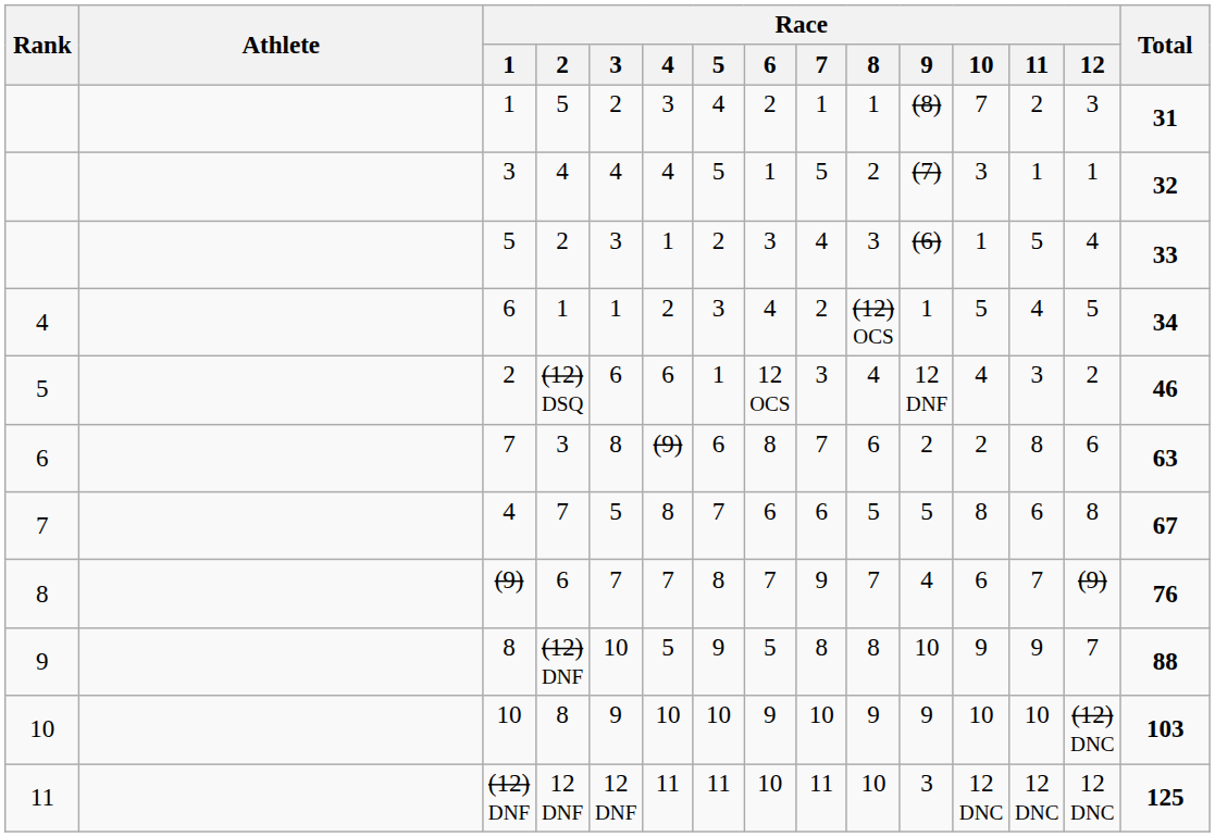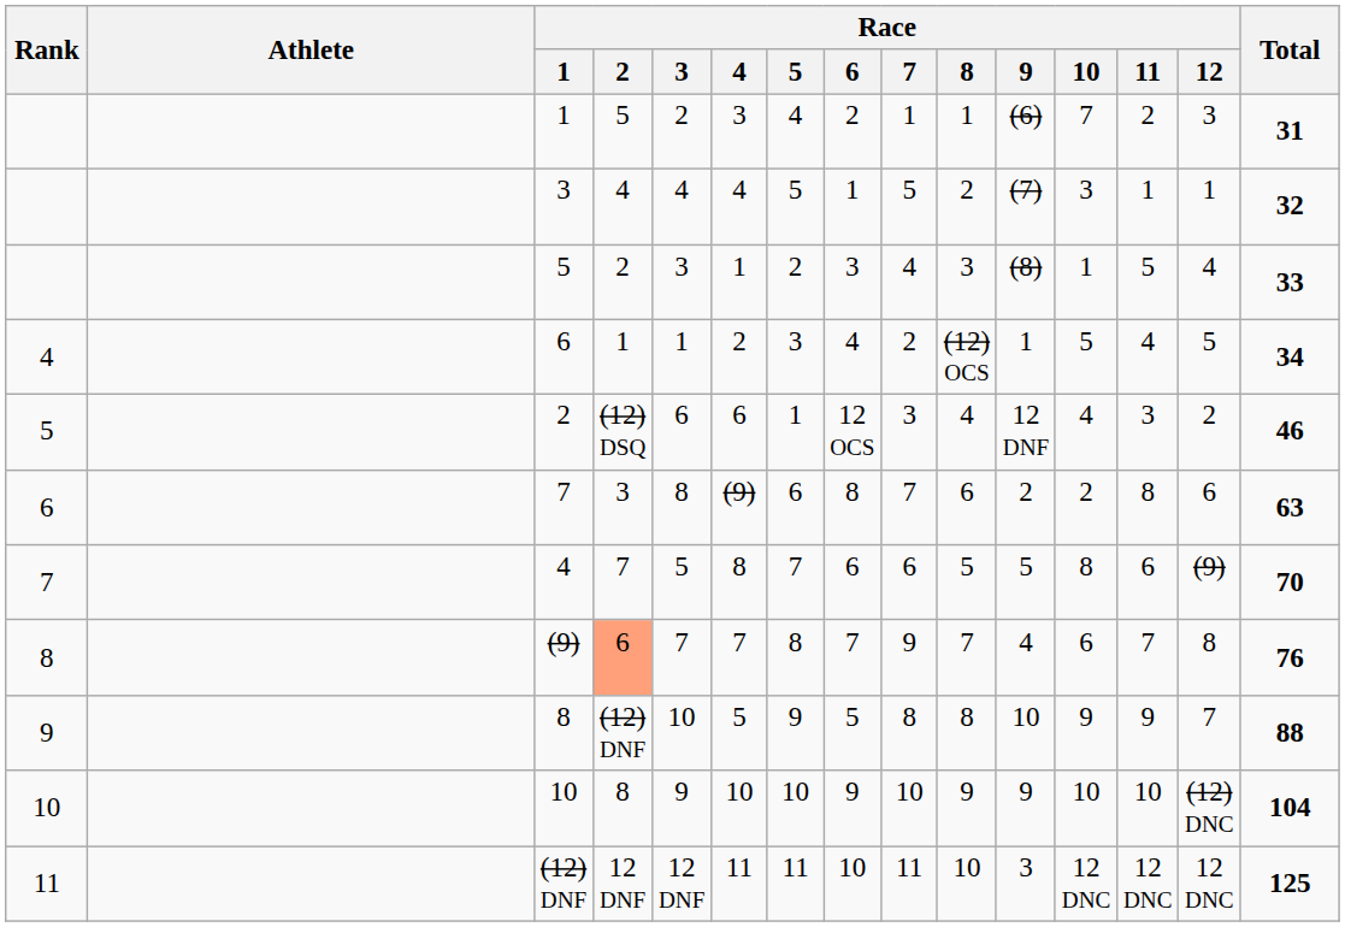 <table | class="wikitable" style="text-align:center">
 <tr>
 <th rowspan="2" width=40>Rank</th>
 <th rowspan="2" width=250>Athlete</th>
 <th colspan="12">Race</th>
 <th rowspan="2" width=50>Total</th>
 </tr>
 <tr>
 <th width=25>1</th>
 <th width=25>2</th>
 <th width=25>3</th>
 <th width=25>4</th>
 <th width=25>5</th>
 <th width=25>6</th>
 <th width=25>7</th>
 <th width=25>8</th>
 <th width=25>9</th>
 <th width=25>10</th>
 <th width=25>11</th>
 <th width=25>12</th>
 </tr>
 <tr>
 <td></td>
 <td align=left></td>
 <td>1<br> </td>
 <td>5<br> </td>
 <td>2<br> </td>
 <td>3<br> </td>
 <td>4<br> </td>
 <td>2<br> </td>
 <td>1<br> </td>
 <td>1<br> </td>
-<td><s>(8)</s><br> </td>
+<td><s>(6)</s><br> </td>
 <td>7<br> </td>
 <td>2<br> </td>
 <td>3<br> </td>
 <td><strong>31</strong></td>
 </tr>
 <tr>
 <td></td>
 <td align=left></td>
 <td>3<br> </td>
 <td>4<br> </td>
 <td>4<br> </td>
 <td>4<br> </td>
 <td>5<br> </td>
 <td>1<br> </td>
 <td>5<br> </td>
 <td>2<br> </td>
 <td><s>(7)</s><br> </td>
 <td>3<br> </td>
 <td>1<br> </td>
 <td>1<br> </td>
 <td><strong>32</strong></td>
 </tr>
 <tr>
 <td></td>
 <td align=left></td>
 <td>5<br> </td>
 <td>2<br> </td>
 <td>3<br> </td>
 <td>1<br> </td>
 <td>2<br> </td>
 <td>3<br> </td>
 <td>4<br> </td>
 <td>3<br> </td>
-<td><s>(6)</s><br> </td>
+<td><s>(8)</s><br> </td>
 <td>1<br> </td>
 <td>5<br> </td>
 <td>4<br> </td>
 <td><strong>33</strong></td>
 </tr>
 <tr>
 <td>4</td>
 <td align=left></td>
 <td>6<br> </td>
 <td>1<br> </td>
 <td>1<br> </td>
 <td>2<br> </td>
 <td>3<br> </td>
 <td>4<br> </td>
 <td>2<br> </td>
 <td><s>(12)</s><br><small>OCS</small></td>
 <td>1<br> </td>
 <td>5<br> </td>
 <td>4<br> </td>
 <td>5<br> </td>
 <td><strong>34</strong></td>
 </tr>
 <tr>
 <td>5</td>
 <td align=left></td>
 <td>2<br> </td>
 <td><s>(12)</s><br><small>DSQ</small></td>
 <td>6<br> </td>
 <td>6<br> </td>
 <td>1<br> </td>
 <td>12<br><small>OCS</small></td>
 <td>3<br> </td>
 <td>4<br> </td>
 <td>12<br><small>DNF</small></td>
 <td>4<br> </td>
 <td>3<br> </td>
 <td>2<br> </td>
 <td><strong>46</strong></td>
 </tr>
 <tr>
 <td>6</td>
 <td align=left></td>
 <td>7<br> </td>
 <td>3<br> </td>
 <td>8<br> </td>
 <td><s>(9)</s><br> </td>
 <td>6<br> </td>
 <td>8<br> </td>
 <td>7<br> </td>
 <td>6<br> </td>
 <td>2<br> </td>
 <td>2<br> </td>
 <td>8<br> </td>
 <td>6<br> </td>
 <td><strong>63</strong></td>
 </tr>
 <tr>
 <td>7</td>
 <td align=left></td>
 <td>4<br> </td>
 <td>7<br> </td>
 <td>5<br> </td>
 <td>8<br> </td>
 <td>7<br> </td>
 <td>6<br> </td>
 <td>6<br> </td>
 <td>5<br> </td>
 <td>5<br> </td>
 <td>8<br> </td>
 <td>6<br> </td>
-<td>8<br> </td>
-<td><strong>67</strong></td>
+<td><s>(9)</s><br> </td>
+<td><strong>70</strong></td>
 </tr>
 <tr>
 <td>8</td>
 <td align=left></td>
 <td><s>(9)</s><br> </td>
-<td>6<br> </td>
+<td style="background: lightsalmon;">6<br> </td>
 <td>7<br> </td>
 <td>7<br> </td>
 <td>8<br> </td>
 <td>7<br> </td>
 <td>9<br> </td>
 <td>7<br> </td>
 <td>4<br> </td>
 <td>6<br> </td>
 <td>7<br> </td>
-<td><s>(9)</s><br> </td>
+<td>8<br> </td>
 <td><strong>76</strong></td>
 </tr>
 <tr>
 <td>9</td>
 <td align=left></td>
 <td>8<br> </td>
 <td><s>(12)</s><br><small>DNF</small></td>
 <td>10<br> </td>
 <td>5<br> </td>
 <td>9<br> </td>
 <td>5<br> </td>
 <td>8<br> </td>
 <td>8<br> </td>
 <td>10<br> </td>
 <td>9<br> </td>
 <td>9<br> </td>
 <td>7<br> </td>
 <td><strong>88</strong></td>
 </tr>
 <tr>
 <td>10</td>
 <td align=left></td>
 <td>10<br> </td>
 <td>8<br> </td>
 <td>9<br> </td>
 <td>10<br> </td>
 <td>10<br> </td>
 <td>9<br> </td>
 <td>10<br> </td>
 <td>9<br> </td>
 <td>9<br> </td>
 <td>10<br> </td>
 <td>10<br> </td>
 <td><s>(12)</s><br><small>DNC</small></td>
-<td><strong>103</strong></td>
+<td><strong>104</strong></td>
 </tr>
 <tr>
 <td>11</td>
 <td align=left></td>
 <td><s>(12)</s><br><small>DNF</small></td>
 <td>12<br><small>DNF</small></td>
 <td>12<br><small>DNF</small></td>
 <td>11<br> </td>
 <td>11<br> </td>
 <td>10<br> </td>
 <td>11<br> </td>
 <td>10<br> </td>
 <td>3<br> </td>
 <td>12<br><small>DNC</small></td>
 <td>12<br><small>DNC</small></td>
 <td>12<br><small>DNC</small></td>
 <td><strong>125</strong></td>
 </tr>
 </table>
